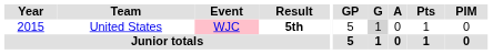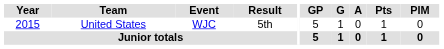 <table border="0" cellpadding="1" cellspacing="0" ID="Table3" style="text-align:center; width:40em">
 <tr ALIGN="center" bgcolor="#e0e0e0">
 <th>Year</th>
 <th>Team</th>
 <th>Event</th>
 <th>Result</th>
 <th rowspan="99" bgcolor="#ffffff"></th>
 <th>GP</th>
 <th>G</th>
 <th>A</th>
 <th>Pts</th>
 <th>PIM</th>
 </tr>
 <tr ALIGN="center">
 <td><a href='#'>2015</a></td>
 <td><a href='#'>United States</a></td>
-<td style="background: pink;"><a href='#'>WJC</a></td>
-<td><strong>5th</strong></td>
+<td><a href='#'>WJC</a></td>
+<td>5th</td>
 <td>5</td>
-<td style="background: lightgrey;">1</td>
+<td>1</td>
 <td>0</td>
 <td>1</td>
 <td>0</td>
 </tr>
 <tr bgcolor="#e0e0e0">
 <th colspan="4">Junior totals</th>
 <th>5</th>
 <th>1</th>
 <th>0</th>
 <th>1</th>
 <th>0</th>
 </tr>
 </table>
